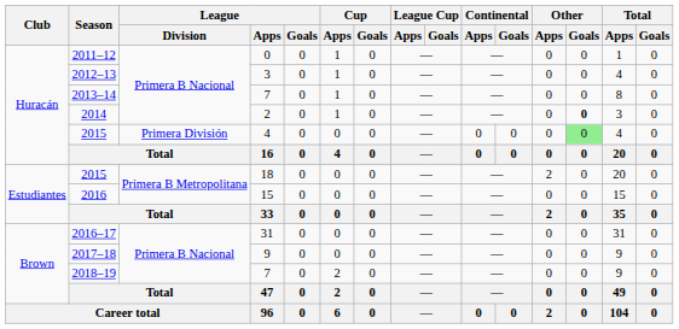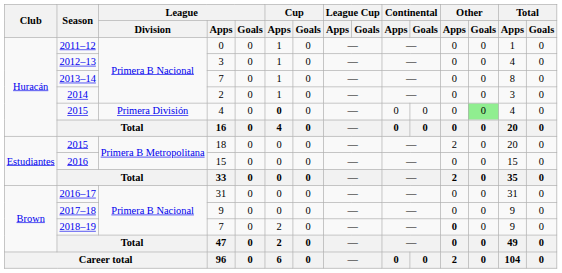 <table class="wikitable" style="text-align:center">
 <tr>
 <th rowspan="2">Club</th>
 <th rowspan="2">Season</th>
 <th colspan="3">League</th>
 <th colspan="2">Cup</th>
 <th colspan="2">League Cup</th>
 <th colspan="2">Continental</th>
 <th colspan="2">Other</th>
 <th colspan="2">Total</th>
 </tr>
 <tr>
 <th>Division</th>
 <th>Apps</th>
 <th>Goals</th>
 <th>Apps</th>
 <th>Goals</th>
 <th>Apps</th>
 <th>Goals</th>
 <th>Apps</th>
 <th>Goals</th>
 <th>Apps</th>
 <th>Goals</th>
 <th>Apps</th>
 <th>Goals</th>
 </tr>
 <tr>
 <td rowspan="6"><a href='#'>Huracán</a></td>
 <td><a href='#'>2011–12</a></td>
 <td rowspan="4"><a href='#'>Primera B Nacional</a></td>
 <td>0</td>
 <td>0</td>
 <td>1</td>
 <td>0</td>
 <td colspan="2">—</td>
 <td colspan="2">—</td>
 <td>0</td>
 <td>0</td>
 <td>1</td>
 <td>0</td>
 </tr>
 <tr>
 <td><a href='#'>2012–13</a></td>
 <td>3</td>
 <td>0</td>
 <td>1</td>
 <td>0</td>
 <td colspan="2">—</td>
 <td colspan="2">—</td>
 <td>0</td>
 <td>0</td>
 <td>4</td>
 <td>0</td>
 </tr>
 <tr>
 <td><a href='#'>2013–14</a></td>
 <td>7</td>
 <td>0</td>
 <td>1</td>
 <td>0</td>
 <td colspan="2">—</td>
 <td colspan="2">—</td>
 <td>0</td>
 <td>0</td>
 <td>8</td>
 <td>0</td>
 </tr>
 <tr>
 <td><a href='#'>2014</a></td>
 <td>2</td>
 <td>0</td>
 <td>1</td>
 <td>0</td>
 <td colspan="2">—</td>
 <td colspan="2">—</td>
 <td>0</td>
-<td><strong>0</strong></td>
+<td>0</td>
 <td>3</td>
 <td>0</td>
 </tr>
 <tr>
 <td><a href='#'>2015</a></td>
 <td rowspan="1"><a href='#'>Primera División</a></td>
 <td>4</td>
 <td>0</td>
-<td>0</td>
+<td><strong>0</strong></td>
 <td>0</td>
 <td colspan="2">—</td>
 <td>0</td>
 <td>0</td>
 <td>0</td>
 <td style="background: lightgreen;">0</td>
 <td>4</td>
 <td>0</td>
 </tr>
 <tr>
 <th colspan="2">Total</th>
 <th>16</th>
 <th>0</th>
 <th>4</th>
 <th>0</th>
 <th colspan="2">—</th>
 <th>0</th>
 <th>0</th>
 <th>0</th>
 <th>0</th>
 <th>20</th>
 <th>0</th>
 </tr>
 <tr>
 <td rowspan="3"><a href='#'>Estudiantes</a></td>
 <td><a href='#'>2015</a></td>
 <td rowspan="2"><a href='#'>Primera B Metropolitana</a></td>
 <td>18</td>
 <td>0</td>
 <td>0</td>
 <td>0</td>
 <td colspan="2">—</td>
 <td colspan="2">—</td>
 <td>2</td>
 <td>0</td>
 <td>20</td>
 <td>0</td>
 </tr>
 <tr>
 <td><a href='#'>2016</a></td>
 <td>15</td>
 <td>0</td>
 <td>0</td>
 <td>0</td>
 <td colspan="2">—</td>
 <td colspan="2">—</td>
 <td>0</td>
 <td>0</td>
 <td>15</td>
 <td>0</td>
 </tr>
 <tr>
 <th colspan="2">Total</th>
 <th>33</th>
 <th>0</th>
 <th>0</th>
 <th>0</th>
 <th colspan="2">—</th>
 <th colspan="2">—</th>
 <th>2</th>
 <th>0</th>
 <th>35</th>
 <th>0</th>
 </tr>
 <tr>
 <td rowspan="4"><a href='#'>Brown</a></td>
 <td><a href='#'>2016–17</a></td>
 <td rowspan="3"><a href='#'>Primera B Nacional</a></td>
 <td>31</td>
 <td>0</td>
 <td>0</td>
 <td>0</td>
 <td colspan="2">—</td>
 <td colspan="2">—</td>
 <td>0</td>
 <td>0</td>
 <td>31</td>
 <td>0</td>
 </tr>
 <tr>
 <td><a href='#'>2017–18</a></td>
 <td>9</td>
 <td>0</td>
 <td>0</td>
 <td>0</td>
 <td colspan="2">—</td>
 <td colspan="2">—</td>
 <td>0</td>
 <td>0</td>
 <td>9</td>
 <td>0</td>
 </tr>
 <tr>
 <td><a href='#'>2018–19</a></td>
 <td>7</td>
 <td>0</td>
 <td>2</td>
 <td>0</td>
 <td colspan="2">—</td>
 <td colspan="2">—</td>
-<td>0</td>
+<td><strong>0</strong></td>
 <td>0</td>
 <td>9</td>
 <td>0</td>
 </tr>
 <tr>
 <th colspan="2">Total</th>
 <th>47</th>
 <th>0</th>
 <th>2</th>
 <th>0</th>
 <th colspan="2">—</th>
 <th colspan="2">—</th>
 <th>0</th>
 <th>0</th>
 <th>49</th>
 <th>0</th>
 </tr>
 <tr>
 <th colspan="3">Career total</th>
 <th>96</th>
 <th>0</th>
 <th>6</th>
 <th>0</th>
 <th colspan="2">—</th>
 <th>0</th>
 <th>0</th>
 <th>2</th>
 <th>0</th>
 <th>104</th>
 <th>0</th>
 </tr>
 </table>
